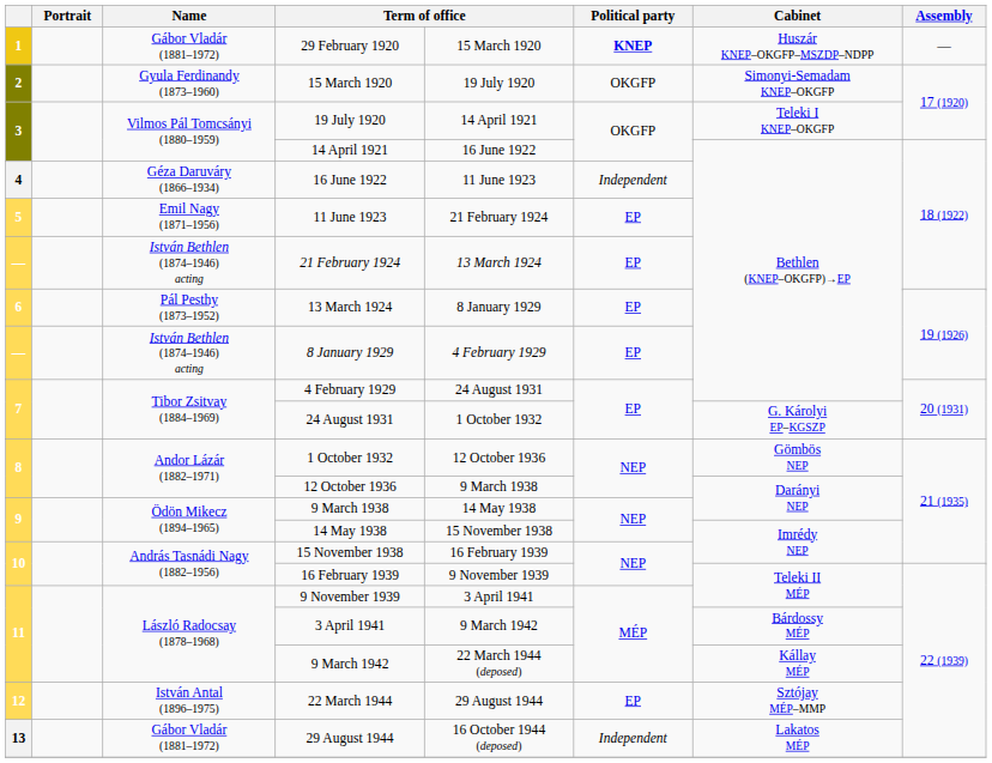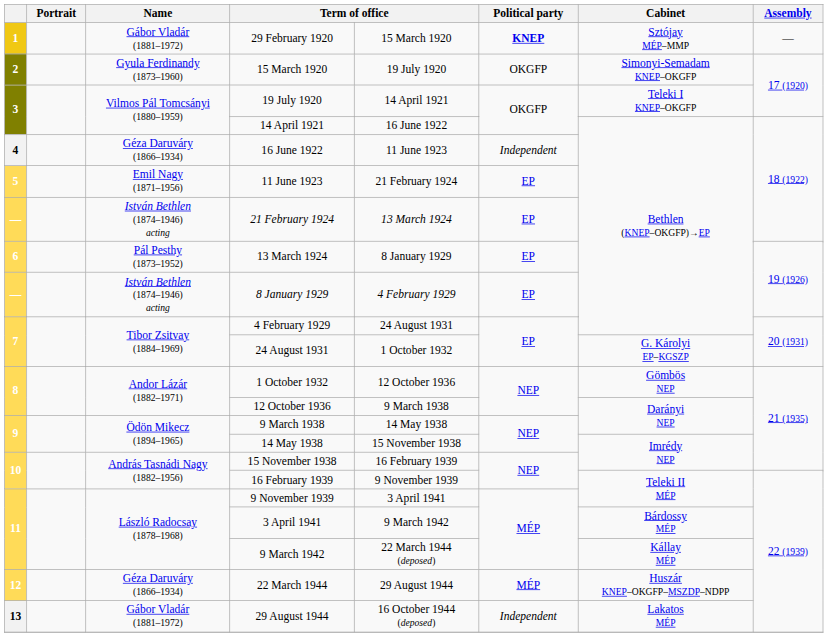 <table class="wikitable" style="width:90%; text-align:center;">
 <tr>
 <th></th>
 <th>Portrait</th>
 <th>Name<br></th>
 <th colspan=2>Term of office</th>
 <th>Political party</th>
 <th>Cabinet</th>
 <th><a href='#'>Assembly</a><br></th>
 </tr>
 <tr>
 <th style="background-color:#F0C814; color:white">1</th>
 <td></td>
 <td><a href='#'>Gábor Vladár</a><br><small>(1881–1972)</small></td>
 <td>29 February 1920</td>
 <td>15 March 1920</td>
 <td><strong><a href='#'>KNEP</a></strong></td>
-<td><a href='#'>Huszár</a><br><small><a href='#'>KNEP</a>–OKGFP–<a href='#'>MSZDP</a>–NDPP</small></td>
+<td><a href='#'>Sztójay</a><br><small><a href='#'>MÉP</a>–MMP</small></td>
 <td>—</td>
 </tr>
 <tr>
 <th style="background-color:#808000; color:white">2</th>
 <td></td>
 <td><a href='#'>Gyula Ferdinandy</a><br><small>(1873–1960)</small></td>
 <td>15 March 1920</td>
 <td>19 July 1920</td>
 <td>OKGFP</td>
 <td><a href='#'>Simonyi-Semadam</a><br><small><a href='#'>KNEP</a>–OKGFP</small></td>
 <td rowspan="3"><a href='#'>17 <small>(1920)</small></a></td>
 </tr>
 <tr>
 <th rowspan="3" style="background-color:#808000; color:white">3</th>
 <td rowspan="3"></td>
 <td rowspan="3"><a href='#'>Vilmos Pál Tomcsányi</a><br><small>(1880–1959)</small></td>
 <td>19 July 1920</td>
 <td>14 April 1921</td>
 <td rowspan="3">OKGFP</td>
 <td><a href='#'>Teleki I</a><br><small><a href='#'>KNEP</a>–OKGFP</small></td>
 </tr>
 <tr>
 <td rowspan="2">14 April 1921</td>
 <td rowspan="2">16 June 1922</td>
 <td rowspan="10"><a href='#'>Bethlen</a><br><small>(<a href='#'>KNEP</a>–OKGFP)→<a href='#'>EP</a></small></td>
 </tr>
 <tr>
 <td rowspan="5"><a href='#'>18 <small>(1922)</small></a></td>
 </tr>
 <tr>
 <th style="background:">4</th>
 <td></td>
 <td><a href='#'>Géza Daruváry</a><br><small>(1866–1934)</small></td>
 <td>16 June 1922</td>
 <td>11 June 1923</td>
 <td><em>Independent</em></td>
 </tr>
 <tr>
 <th style="background-color:#FFDB58; color:white">5</th>
 <td></td>
 <td><a href='#'>Emil Nagy</a><br><small>(1871–1956)</small></td>
 <td>11 June 1923</td>
 <td>21 February 1924</td>
 <td><a href='#'>EP</a></td>
 </tr>
 <tr>
 <th style="background-color:#FFDB58; color:white">—</th>
 <td></td>
 <td><em><a href='#'>István Bethlen</a></em><br><small>(1874–1946)<br><em>acting</em></small></td>
 <td><em>21 February 1924</em></td>
 <td><em>13 March 1924</em></td>
 <td><a href='#'>EP</a></td>
 </tr>
 <tr>
 <th rowspan="2" style="background-color:#FFDB58; color:white">6</th>
 <td rowspan="2"></td>
 <td rowspan="2"><a href='#'>Pál Pesthy</a><br><small>(1873–1952)</small></td>
 <td rowspan="2">13 March 1924</td>
 <td rowspan="2">8 January 1929</td>
 <td rowspan="2"><a href='#'>EP</a></td>
 </tr>
 <tr>
 <td rowspan="3"><a href='#'>19 <small>(1926)</small></a></td>
 </tr>
 <tr>
 <th style="background-color:#FFDB58; color:white">—</th>
 <td></td>
 <td><em><a href='#'>István Bethlen</a></em><br><small>(1874–1946)<br><em>acting</em></small></td>
 <td><em>8 January 1929</em></td>
 <td><em>4 February 1929</em></td>
 <td><a href='#'>EP</a></td>
 </tr>
 <tr>
 <th rowspan="3" style="background-color:#FFDB58; color:white">7</th>
 <td rowspan="3"></td>
 <td rowspan="3"><a href='#'>Tibor Zsitvay</a><br><small>(1884–1969)</small></td>
 <td rowspan="2">4 February 1929</td>
 <td rowspan="2">24 August 1931</td>
 <td rowspan="3"><a href='#'>EP</a></td>
 </tr>
 <tr>
 <td rowspan="3"><a href='#'>20 <small>(1931)</small></a></td>
 </tr>
 <tr>
 <td>24 August 1931</td>
 <td>1 October 1932</td>
 <td><a href='#'>G. Károlyi</a><br><small><a href='#'>EP</a>–<a href='#'>KGSZP</a></small></td>
 </tr>
 <tr>
 <th rowspan="3" style="background-color:#FFDB58; color:white">8</th>
 <td rowspan="3"></td>
 <td rowspan="3"><a href='#'>Andor Lázár</a><br><small>(1882–1971)</small></td>
 <td rowspan="2">1 October 1932</td>
 <td rowspan="2">12 October 1936</td>
 <td rowspan="3"><a href='#'>NEP</a></td>
 <td rowspan="2"><a href='#'>Gömbös</a><br><small><a href='#'>NEP</a></small></td>
 </tr>
 <tr>
 <td rowspan="6"><a href='#'>21 <small>(1935)</small></a></td>
 </tr>
 <tr>
 <td>12 October 1936</td>
 <td>9 March 1938</td>
 <td rowspan="2"><a href='#'>Darányi</a><br><small><a href='#'>NEP</a></small></td>
 </tr>
 <tr>
 <th rowspan="2" style="background-color:#FFDB58; color:white">9</th>
 <td rowspan="2"></td>
 <td rowspan="2"><a href='#'>Ödön Mikecz</a><br><small>(1894–1965)</small></td>
 <td>9 March 1938</td>
 <td>14 May 1938</td>
 <td rowspan="2"><a href='#'>NEP</a></td>
 </tr>
 <tr>
 <td>14 May 1938</td>
 <td>15 November 1938</td>
 <td rowspan="2"><a href='#'>Imrédy</a><br><small><a href='#'>NEP</a></small></td>
 </tr>
 <tr>
 <th rowspan="3" style="background-color:#FFDB58; color:white">10</th>
 <td rowspan="3"></td>
 <td rowspan="3"><a href='#'>András Tasnádi Nagy</a><br><small>(1882–1956)</small></td>
 <td>15 November 1938</td>
 <td>16 February 1939</td>
 <td rowspan="3"><a href='#'>NEP</a></td>
 </tr>
 <tr>
 <td rowspan="2">16 February 1939</td>
 <td rowspan="2">9 November 1939</td>
 <td rowspan="3"><a href='#'>Teleki II</a><br><small><a href='#'>MÉP</a></small></td>
 </tr>
 <tr>
 <td rowspan="6"><a href='#'>22 <small>(1939)</small></a></td>
 </tr>
 <tr>
 <th rowspan="3" style="background-color:#FFDB58; color:white">11</th>
 <td rowspan="3"></td>
 <td rowspan="3"><a href='#'>László Radocsay</a><br><small>(1878–1968)</small></td>
 <td>9 November 1939</td>
 <td>3 April 1941</td>
 <td rowspan="3"><a href='#'>MÉP</a></td>
 </tr>
 <tr>
 <td>3 April 1941</td>
 <td>9 March 1942</td>
 <td><a href='#'>Bárdossy</a><br><small><a href='#'>MÉP</a></small></td>
 </tr>
 <tr>
 <td>9 March 1942</td>
 <td>22 March 1944<br><small>(<em>deposed</em>)</small></td>
 <td><a href='#'>Kállay</a><br><small><a href='#'>MÉP</a></small></td>
 </tr>
 <tr>
 <th style="background-color:#FFDB58; color:white">12</th>
 <td></td>
-<td><a href='#'>István Antal</a><br><small>(1896–1975)</small></td>
+<td><a href='#'>Géza Daruváry</a><br><small>(1866–1934)</small></td>
 <td>22 March 1944</td>
 <td>29 August 1944</td>
-<td><a href='#'>EP</a></td>
-<td><a href='#'>Sztójay</a><br><small><a href='#'>MÉP</a>–MMP</small></td>
+<td><a href='#'>MÉP</a></td>
+<td><a href='#'>Huszár</a><br><small><a href='#'>KNEP</a>–OKGFP–<a href='#'>MSZDP</a>–NDPP</small></td>
 </tr>
 <tr>
 <th style="background:">13</th>
 <td></td>
 <td><a href='#'>Gábor Vladár</a><br><small>(1881–1972)</small></td>
 <td>29 August 1944</td>
 <td>16 October 1944<br><small>(<em>deposed</em>)</small></td>
 <td><em>Independent</em></td>
 <td><a href='#'>Lakatos</a><br><small><a href='#'>MÉP</a></small></td>
 </tr>
 <tr>
 </tr>
 </table>
